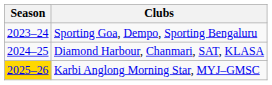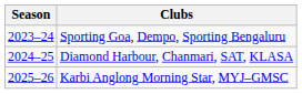 <table class="wikitable" style="text-align:left;">
 <tr>
 <th>Season</th>
 <th>Clubs</th>
 </tr>
 <tr>
 <td><a href='#'>2023–24</a></td>
 <td><a href='#'>Sporting Goa</a>, <a href='#'>Dempo</a>, <a href='#'>Sporting Bengaluru</a></td>
 </tr>
 <tr>
 <td><a href='#'>2024–25</a></td>
 <td><a href='#'>Diamond Harbour</a>, <a href='#'>Chanmari</a>, <a href='#'>SAT</a>, <a href='#'>KLASA</a></td>
 </tr>
 <tr>
-<td style="background: gold;"><a href='#'>2025–26</a></td>
+<td><a href='#'>2025–26</a></td>
 <td><a href='#'>Karbi Anglong Morning Star</a>, <a href='#'>MYJ–GMSC</a></td>
 </tr>
 </table>
